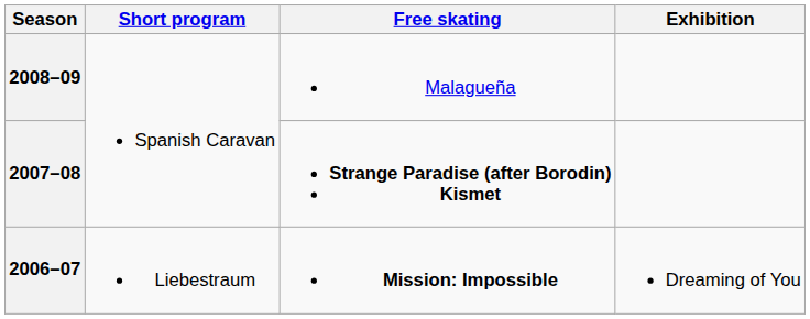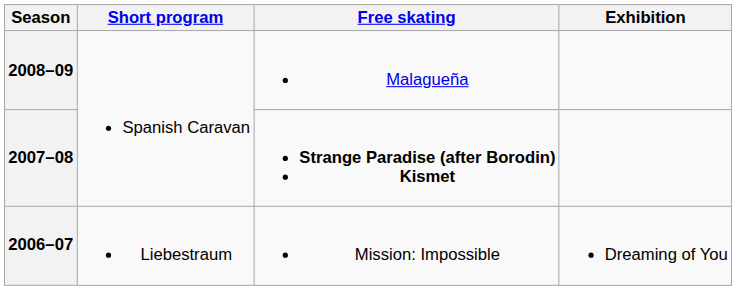 <table class=wikitable style=text-align:center>
 <tr>
 <th>Season</th>
 <th><a href='#'>Short program</a></th>
 <th><a href='#'>Free skating</a></th>
 <th>Exhibition</th>
 </tr>
 <tr>
 <th>2008–09</th>
 <td rowspan=2><br><ul><li>Spanish Caravan <br></li></ul></td>
 <td><br><ul><li><a href='#'>Malagueña</a> <br></li></ul></td>
 <td></td>
 </tr>
 <tr>
 <th>2007–08 <br> </th>
 <td><strong><br><ul><li>Strange Paradise (after Borodin) <br></li><li>Kismet <br></li></ul></strong></td>
 <td></td>
 </tr>
 <tr>
 <th>2006–07 <br> </th>
 <td><br><ul><li>Liebestraum <br></li></ul></td>
-<td><strong><br><ul><li>Mission: Impossible <br></li></ul></strong></td>
+<td><br><ul><li>Mission: Impossible <br></li></ul></td>
 <td><br><ul><li>Dreaming of You <br></li></ul></td>
 </tr>
 </table>
